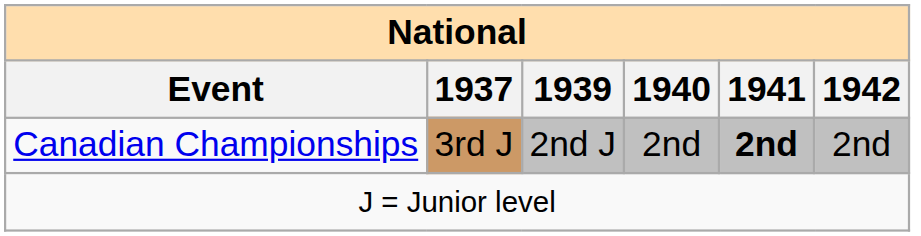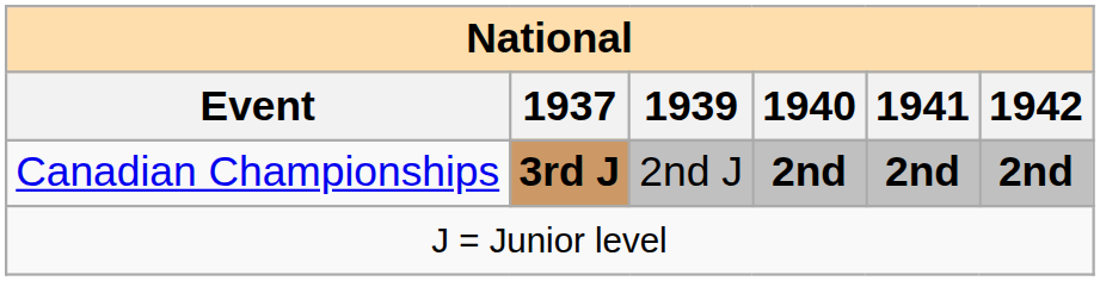 <table class="wikitable" style="text-align:center">
 <tr>
 <th style="background-color: #ffdead; " colspan=6 align=center>National</th>
 </tr>
 <tr>
 <th>Event</th>
 <th>1937</th>
 <th>1939</th>
 <th>1940</th>
 <th>1941</th>
 <th>1942</th>
 </tr>
 <tr>
 <td align=left><a href='#'>Canadian Championships</a></td>
-<td bgcolor=cc9966>3rd J</td>
+<td bgcolor=cc9966><strong>3rd J</strong></td>
 <td bgcolor=silver>2nd J</td>
-<td bgcolor=silver>2nd</td>
 <td bgcolor=silver><strong>2nd</strong></td>
-<td bgcolor=silver>2nd</td>
+<td bgcolor=silver><strong>2nd</strong></td>
+<td bgcolor=silver><strong>2nd</strong></td>
 </tr>
 <tr>
 <td colspan=6 align=center><small> J = Junior level </small></td>
 </tr>
 </table>
